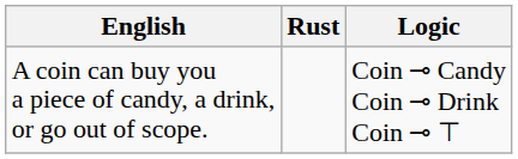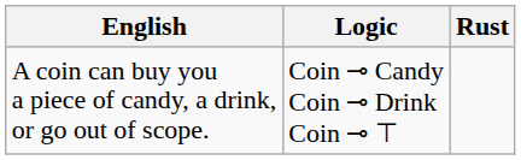 <table class="wikitable">
 <tr>
 <th>English</th>
+<th>Logic</th>
 <th>Rust</th>
-<th>Logic</th>
 </tr>
 <tr>
 <td>A coin can buy you<br>a piece of candy, a drink,<br> or go out of scope.</td>
+<td>Coin ⊸ Candy<br>Coin ⊸ Drink<br>Coin ⊸ ⊤</td>
 <td><br></td>
-<td>Coin ⊸ Candy<br>Coin ⊸ Drink<br>Coin ⊸ ⊤</td>
 </tr>
 </table>
